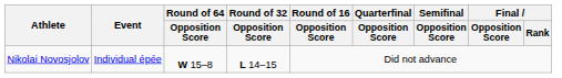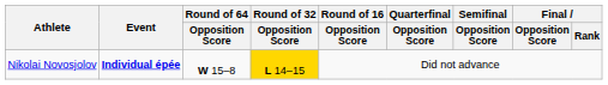 <table class="wikitable" style="font-size:90%">
 <tr>
 <th rowspan="2">Athlete</th>
 <th rowspan="2">Event</th>
 <th>Round of 64</th>
 <th>Round of 32</th>
 <th>Round of 16</th>
 <th>Quarterfinal</th>
 <th>Semifinal</th>
 <th colspan=2>Final / </th>
 </tr>
 <tr style="font-size:95%">
 <th>Opposition <br> Score</th>
 <th>Opposition <br> Score</th>
 <th>Opposition <br> Score</th>
 <th>Opposition <br> Score</th>
 <th>Opposition <br> Score</th>
 <th>Opposition <br> Score</th>
 <th>Rank</th>
 </tr>
 <tr align=center>
 <td align=left><a href='#'>Nikolai Novosjolov</a></td>
-<td align=left><a href='#'>Individual épée</a></td>
+<td align=left><strong><a href='#'>Individual épée</a></strong></td>
 <td><br><strong>W</strong> 15–8</td>
-<td><br><strong>L</strong> 14–15</td>
+<td style="background: gold;"><br><strong>L</strong> 14–15</td>
 <td colspan=5>Did not advance</td>
 </tr>
 </table>
